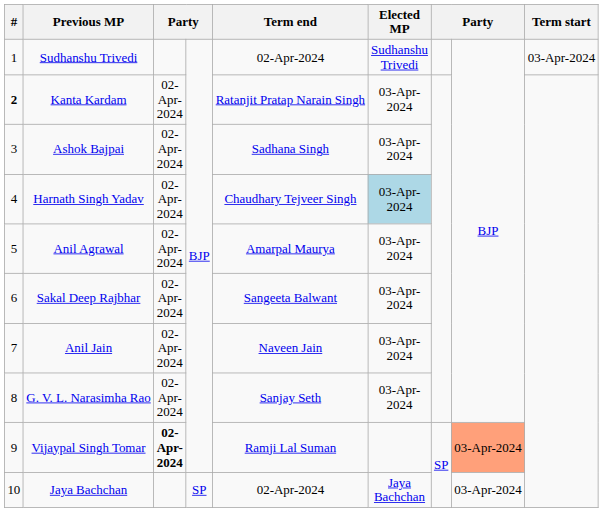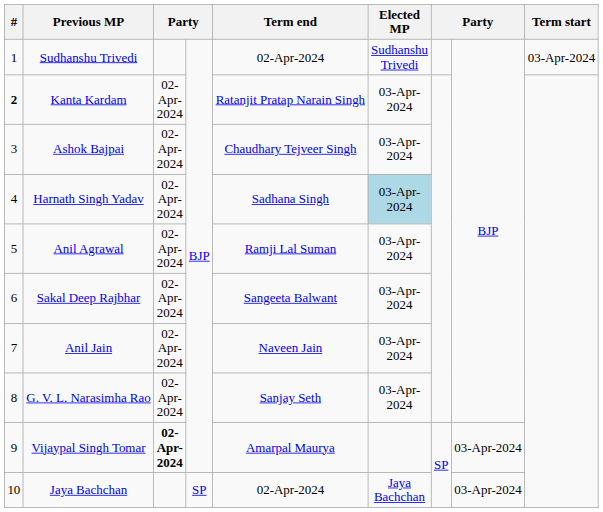 <table class="wikitable" style="text-align:center;">
 <tr>
 <th>#</th>
 <th>Previous MP</th>
 <th colspan="2">Party</th>
 <th>Term end</th>
 <th>Elected MP</th>
 <th colspan="2">Party</th>
 <th>Term start</th>
 </tr>
 <tr>
 <td>1</td>
 <td><a href='#'>Sudhanshu Trivedi</a></td>
 <td width="1px"></td>
 <td rowspan=9><a href='#'>BJP</a></td>
 <td>02-Apr-2024</td>
 <td><a href='#'>Sudhanshu Trivedi</a></td>
 <td width="1px"></td>
 <td rowspan=8><a href='#'>BJP</a></td>
 <td>03-Apr-2024</td>
 </tr>
 <tr>
 <td><strong>2</strong></td>
 <td><a href='#'>Kanta Kardam</a></td>
 <td>02-Apr-2024</td>
 <td><a href='#'>Ratanjit Pratap Narain Singh</a></td>
 <td>03-Apr-2024</td>
 </tr>
 <tr>
 <td>3</td>
 <td><a href='#'>Ashok Bajpai</a></td>
 <td>02-Apr-2024</td>
-<td><a href='#'>Sadhana Singh</a></td>
+<td><a href='#'>Chaudhary Tejveer Singh</a></td>
 <td>03-Apr-2024</td>
 </tr>
 <tr>
 <td>4</td>
 <td><a href='#'>Harnath Singh Yadav</a></td>
 <td>02-Apr-2024</td>
-<td><a href='#'>Chaudhary Tejveer Singh</a></td>
+<td><a href='#'>Sadhana Singh</a></td>
 <td style="background: lightblue;">03-Apr-2024</td>
 </tr>
 <tr>
 <td>5</td>
 <td><a href='#'>Anil Agrawal</a></td>
 <td>02-Apr-2024</td>
-<td><a href='#'>Amarpal Maurya</a></td>
+<td><a href='#'>Ramji Lal Suman</a></td>
 <td>03-Apr-2024</td>
 </tr>
 <tr>
 <td>6</td>
 <td><a href='#'>Sakal Deep Rajbhar</a></td>
 <td>02-Apr-2024</td>
 <td><a href='#'>Sangeeta Balwant</a></td>
 <td>03-Apr-2024</td>
 </tr>
 <tr>
 <td>7</td>
 <td><a href='#'>Anil Jain</a></td>
 <td>02-Apr-2024</td>
 <td><a href='#'>Naveen Jain</a></td>
 <td>03-Apr-2024</td>
 </tr>
 <tr>
 <td>8</td>
 <td><a href='#'>G. V. L. Narasimha Rao</a></td>
 <td>02-Apr-2024</td>
 <td><a href='#'>Sanjay Seth</a></td>
 <td>03-Apr-2024</td>
 </tr>
 <tr>
 <td>9</td>
 <td><a href='#'>Vijaypal Singh Tomar</a></td>
 <td><strong>02-Apr-2024</strong></td>
-<td><a href='#'>Ramji Lal Suman</a></td>
+<td><a href='#'>Amarpal Maurya</a></td>
 <td width="1px"></td>
 <td rowspan=2><a href='#'>SP</a></td>
-<td style="background: lightsalmon;">03-Apr-2024</td>
+<td>03-Apr-2024</td>
 </tr>
 <tr>
 <td>10</td>
 <td><a href='#'>Jaya Bachchan</a></td>
 <td width="1px"></td>
 <td><a href='#'>SP</a></td>
 <td>02-Apr-2024</td>
 <td><a href='#'>Jaya Bachchan</a></td>
 <td>03-Apr-2024</td>
 </tr>
 </table>
